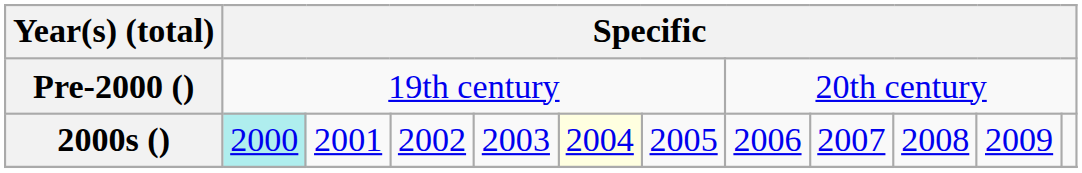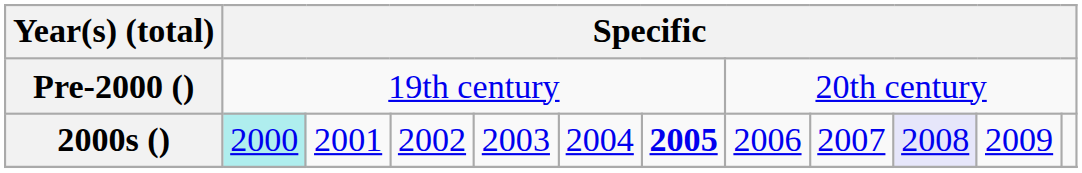 <table class="wikitable">
 <tr>
 <th>Year(s) (total)</th>
 <th colspan=12>Specific</th>
 </tr>
 <tr>
 <th>Pre-2000 ()</th>
 <td colspan=6 align="center"><a href='#'>19th century</a></td>
 <td colspan=6 align="center"><a href='#'>20th century</a></td>
 </tr>
 <tr>
 <th>2000s ()</th>
 <td style="background: paleturquoise;"><a href='#'>2000</a></td>
 <td><a href='#'>2001</a></td>
 <td><a href='#'>2002</a></td>
 <td><a href='#'>2003</a></td>
-<td style="background: lightyellow;"><a href='#'>2004</a></td>
-<td><a href='#'>2005</a></td>
+<td><a href='#'>2004</a></td>
+<td><strong><a href='#'>2005</a></strong></td>
 <td><a href='#'>2006</a></td>
 <td><a href='#'>2007</a></td>
-<td><a href='#'>2008</a></td>
+<td style="background: lavender;"><a href='#'>2008</a></td>
 <td><a href='#'>2009</a></td>
 <td></td>
 </tr>
 <tr>
 </tr>
 </table>
